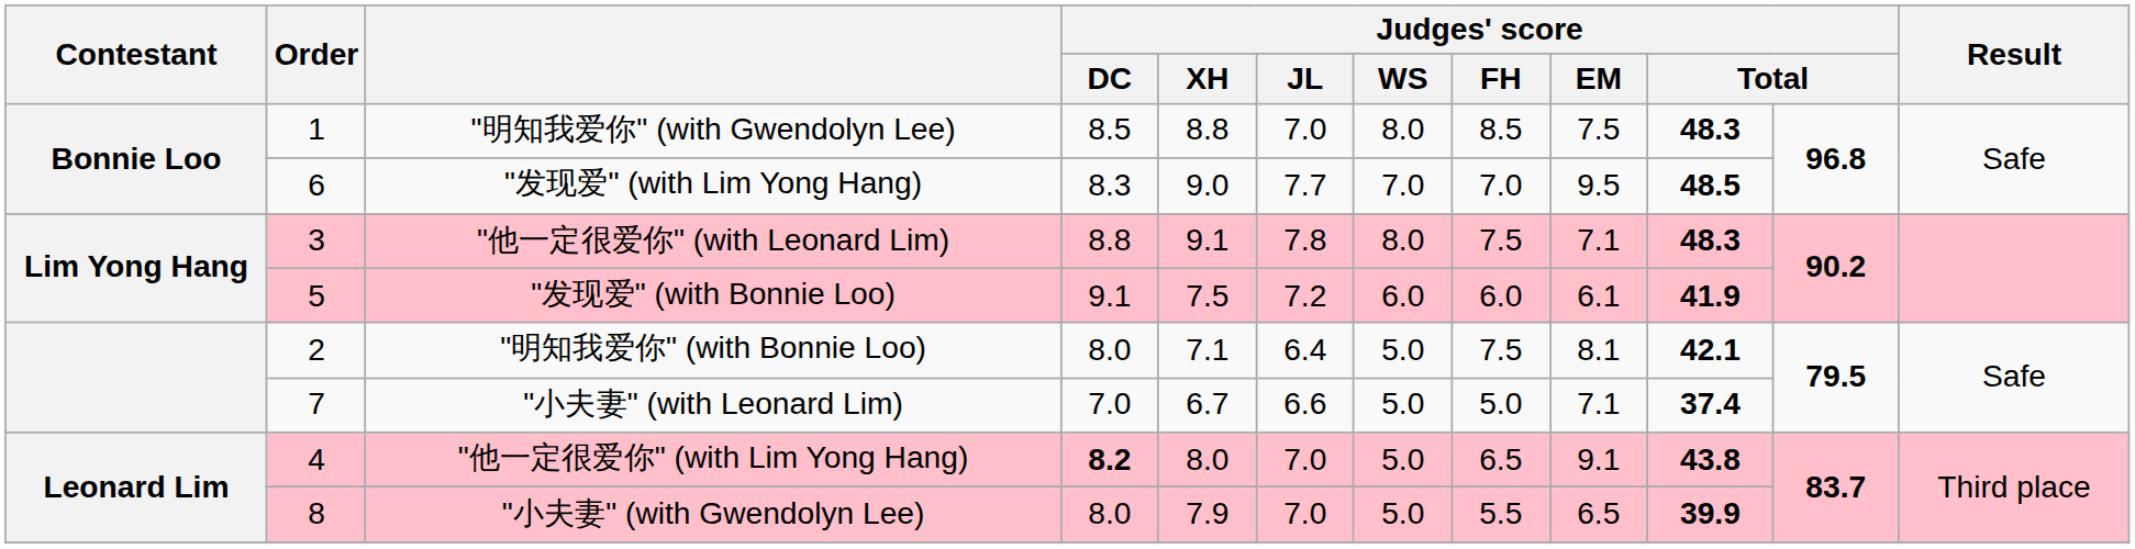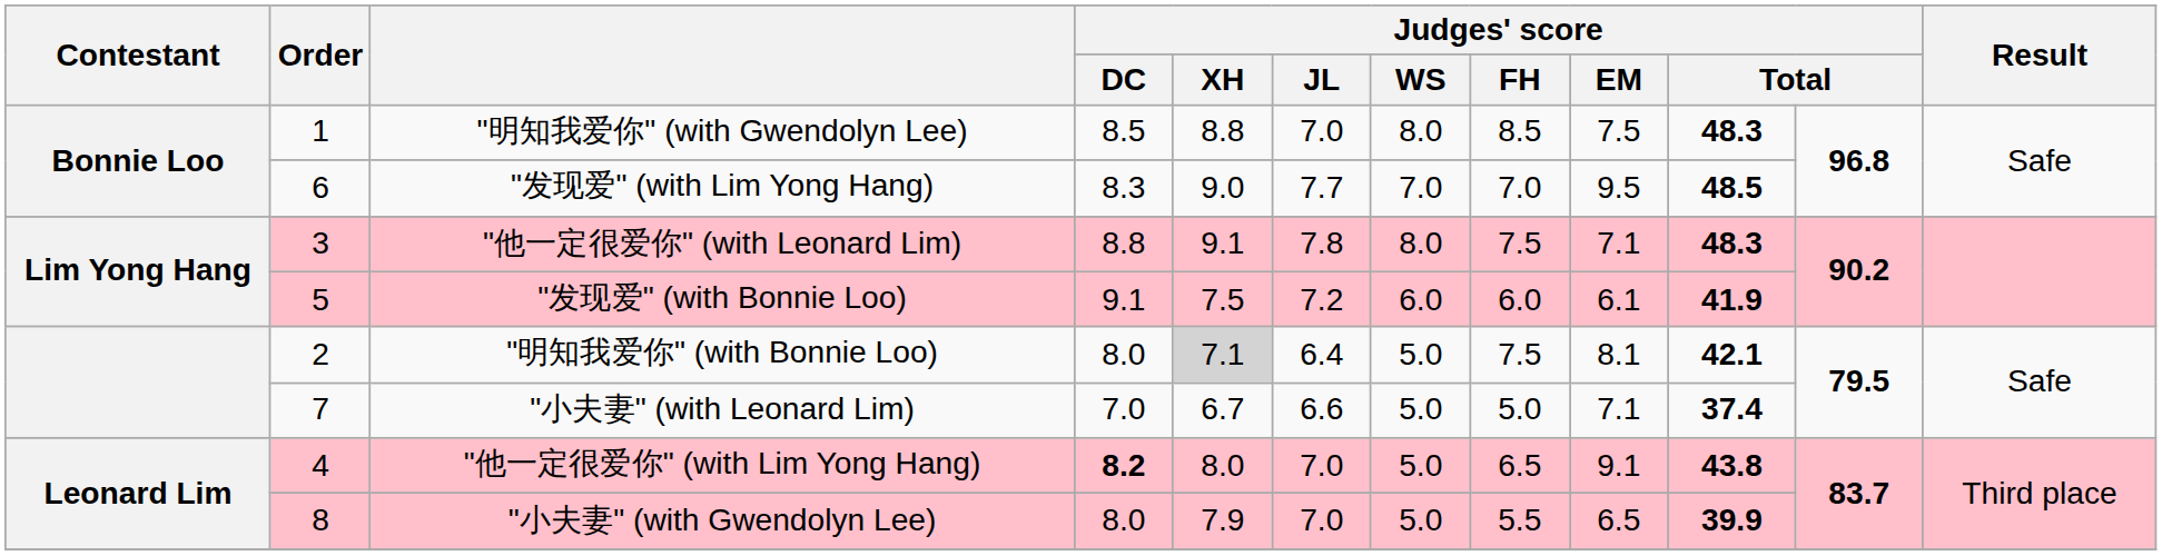 <table class="wikitable plainrowheaders" style="text-align:center;">
 <tr>
 <th rowspan=2 scope="col" style="width:8em;">Contestant</th>
 <th rowspan=2 scope="col">Order</th>
 <th rowspan=2 scope="col" style="width:22em;"></th>
 <th colspan=8 scope="col">Judges' score</th>
 <th rowspan=2 scope="col" style="width:7em;">Result</th>
 </tr>
 <tr>
 <th style="width:2.7em;">DC</th>
 <th style="width:2.7em;">XH</th>
 <th style="width:2.7em;">JL</th>
 <th style="width:2.7em;">WS</th>
 <th style="width:2.7em;">FH</th>
 <th style="width:2.7em;">EM</th>
 <th colspan=2>Total</th>
 </tr>
 <tr>
 <th rowspan=2 scope="row">Bonnie Loo</th>
 <td>1</td>
 <td>"明知我爱你" (with Gwendolyn Lee)</td>
 <td>8.5</td>
 <td>8.8</td>
 <td>7.0</td>
 <td>8.0</td>
 <td>8.5</td>
 <td>7.5</td>
 <td style="width:3.6em;"><strong>48.3</strong></td>
 <td style="width:3.6em;" rowspan=2><strong>96.8</strong></td>
 <td rowspan=2>Safe</td>
 </tr>
 <tr>
 <td>6</td>
 <td>"发现爱" (with Lim Yong Hang)</td>
 <td>8.3</td>
 <td>9.0</td>
 <td>7.7</td>
 <td>7.0</td>
 <td>7.0</td>
 <td>9.5</td>
 <td><strong>48.5</strong></td>
 </tr>
 <tr style="background:pink;">
 <th rowspan=2 scope="row">Lim Yong Hang</th>
 <td>3</td>
 <td>"他一定很爱你" (with Leonard Lim)</td>
 <td>8.8</td>
 <td>9.1</td>
 <td>7.8</td>
 <td>8.0</td>
 <td>7.5</td>
 <td>7.1</td>
 <td><strong>48.3</strong></td>
 <td rowspan=2><strong>90.2</strong></td>
 <td rowspan=2></td>
 </tr>
 <tr style="background:pink;">
 <td>5</td>
 <td>"发现爱" (with Bonnie Loo)</td>
 <td>9.1</td>
 <td>7.5</td>
 <td>7.2</td>
 <td>6.0</td>
 <td>6.0</td>
 <td>6.1</td>
 <td><strong>41.9</strong></td>
 </tr>
 <tr>
 <th rowspan=2 scope="row"></th>
 <td>2</td>
 <td>"明知我爱你" (with Bonnie Loo)</td>
 <td>8.0</td>
-<td>7.1</td>
+<td style="background: lightgrey;">7.1</td>
 <td>6.4</td>
 <td>5.0</td>
 <td>7.5</td>
 <td>8.1</td>
 <td><strong>42.1</strong></td>
 <td rowspan=2><strong>79.5</strong></td>
 <td rowspan=2>Safe</td>
 </tr>
 <tr>
 <td>7</td>
 <td>"小夫妻" (with Leonard Lim)</td>
 <td>7.0</td>
 <td>6.7</td>
 <td>6.6</td>
 <td>5.0</td>
 <td>5.0</td>
 <td>7.1</td>
 <td><strong>37.4</strong></td>
 </tr>
 <tr style="background:pink;">
 <th rowspan=2 scope="row">Leonard Lim</th>
 <td>4</td>
 <td>"他一定很爱你" (with Lim Yong Hang)</td>
 <td><strong>8.2</strong></td>
 <td>8.0</td>
 <td>7.0</td>
 <td>5.0</td>
 <td>6.5</td>
 <td>9.1</td>
 <td><strong>43.8</strong></td>
 <td rowspan=2><strong>83.7</strong></td>
 <td rowspan=2>Third place</td>
 </tr>
 <tr style="background:pink;">
 <td>8</td>
 <td>"小夫妻" (with Gwendolyn Lee)</td>
 <td>8.0</td>
 <td>7.9</td>
 <td>7.0</td>
 <td>5.0</td>
 <td>5.5</td>
 <td>6.5</td>
 <td><strong>39.9</strong></td>
 </tr>
 <tr>
 </tr>
 </table>
